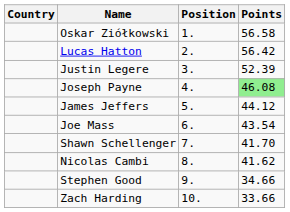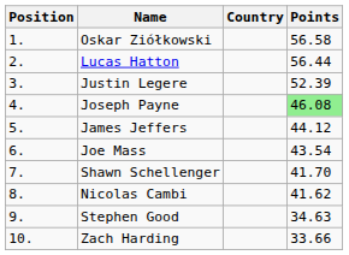 <table class="wikitable sortable" style="display: inline-table">
 <tr>
+<th>Position</th>
+<th>Name</th>
 <th>Country</th>
-<th>Name</th>
-<th>Position</th>
 <th>Points</th>
 </tr>
 <tr>
+<td>1.</td>
+<td>Oskar Ziółkowski</td>
 <td></td>
-<td>Oskar Ziółkowski</td>
-<td>1.</td>
 <td>56.58</td>
 </tr>
 <tr>
+<td>2.</td>
+<td><a href='#'>Lucas Hatton</a></td>
 <td></td>
-<td><a href='#'>Lucas Hatton</a></td>
-<td>2.</td>
-<td>56.42</td>
+<td>56.44</td>
 </tr>
 <tr>
+<td>3.</td>
+<td>Justin Legere</td>
 <td></td>
-<td>Justin Legere</td>
-<td>3.</td>
 <td>52.39</td>
 </tr>
 <tr>
+<td>4.</td>
+<td>Joseph Payne</td>
 <td></td>
-<td>Joseph Payne</td>
-<td>4.</td>
 <td style="background: lightgreen;">46.08</td>
 </tr>
 <tr>
+<td>5.</td>
+<td>James Jeffers</td>
 <td></td>
-<td>James Jeffers</td>
-<td>5.</td>
 <td>44.12</td>
 </tr>
 <tr>
+<td>6.</td>
+<td>Joe Mass</td>
 <td></td>
-<td>Joe Mass</td>
-<td>6.</td>
 <td>43.54</td>
 </tr>
 <tr>
+<td>7.</td>
+<td>Shawn Schellenger</td>
 <td></td>
-<td>Shawn Schellenger</td>
-<td>7.</td>
 <td>41.70</td>
 </tr>
 <tr>
+<td>8.</td>
+<td>Nicolas Cambi</td>
 <td></td>
-<td>Nicolas Cambi</td>
-<td>8.</td>
 <td>41.62</td>
 </tr>
 <tr>
+<td>9.</td>
+<td>Stephen Good</td>
 <td></td>
-<td>Stephen Good</td>
-<td>9.</td>
-<td>34.66</td>
+<td>34.63</td>
 </tr>
 <tr>
+<td>10.</td>
+<td>Zach Harding</td>
 <td></td>
-<td>Zach Harding</td>
-<td>10.</td>
 <td>33.66</td>
 </tr>
 </table>
